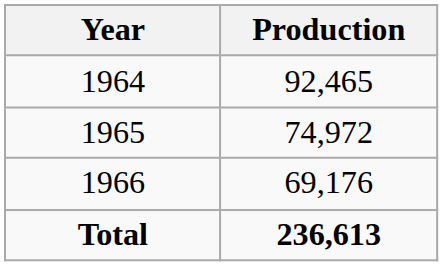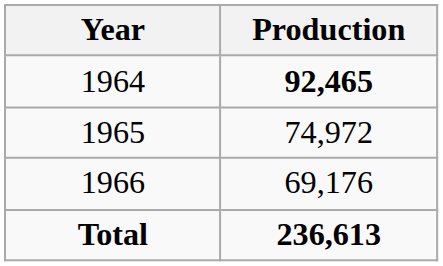 <table class="wikitable">
 <tr>
 <th width="100pt" align="center"><strong>Year</strong></th>
 <th width="100pt" align="center"><strong>Production</strong></th>
 </tr>
 <tr>
 <td align="center">1964</td>
-<td align="center">92,465</td>
+<td align="center"><strong>92,465</strong></td>
 </tr>
 <tr>
 <td align="center">1965</td>
 <td align="center">74,972</td>
 </tr>
 <tr>
 <td align="center">1966</td>
 <td align="center">69,176</td>
 </tr>
 <tr>
 <td align="center"><strong>Total</strong></td>
 <td align="center"><strong>236,613</strong></td>
 </tr>
 </table>
